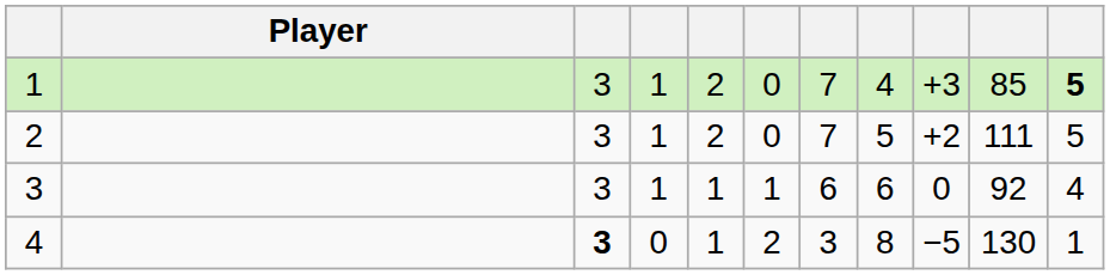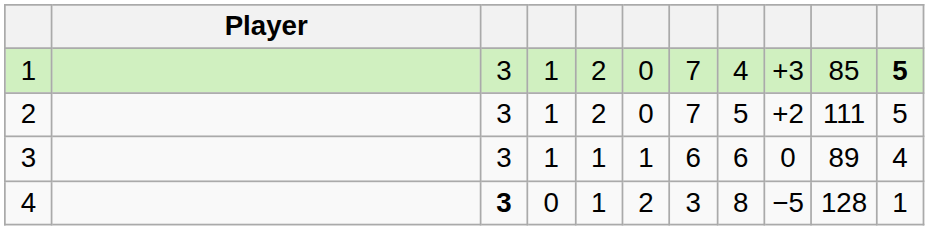 <table class="wikitable" style="text-align:center; margin: 1em auto 1em auto, align:left">
 <tr>
 <th width=20></th>
 <th width=240>Player</th>
 <th width=20></th>
 <th width=20></th>
 <th width=20></th>
 <th width=20></th>
 <th width=20></th>
 <th width=20></th>
 <th width=20></th>
 <th width=30></th>
 <th width=20></th>
 </tr>
 <tr style="background:#D0F0C0;">
 <td>1</td>
 <td align=left></td>
 <td>3</td>
 <td>1</td>
 <td>2</td>
 <td>0</td>
 <td>7</td>
 <td>4</td>
 <td>+3</td>
 <td>85</td>
 <td><strong>5</strong></td>
 </tr>
 <tr style=>
 <td>2</td>
 <td align=left></td>
 <td>3</td>
 <td>1</td>
 <td>2</td>
 <td>0</td>
 <td>7</td>
 <td>5</td>
 <td>+2</td>
 <td>111</td>
 <td>5</td>
 </tr>
 <tr style=>
 <td>3</td>
 <td align=left></td>
 <td>3</td>
 <td>1</td>
 <td>1</td>
 <td>1</td>
 <td>6</td>
 <td>6</td>
 <td>0</td>
-<td>92</td>
+<td>89</td>
 <td>4</td>
 </tr>
 <tr style=>
 <td>4</td>
 <td align=left></td>
 <td><strong>3</strong></td>
 <td>0</td>
 <td>1</td>
 <td>2</td>
 <td>3</td>
 <td>8</td>
 <td>−5</td>
-<td>130</td>
+<td>128</td>
 <td>1</td>
 </tr>
 </table>
